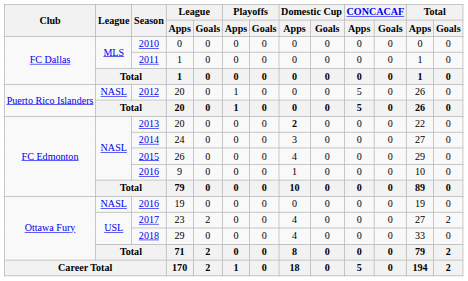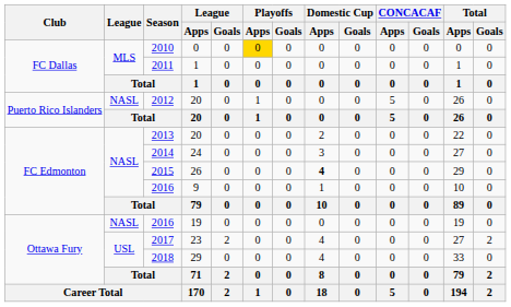 <table class="wikitable" style="text-align: center;">
 <tr>
 <th rowspan="2">Club</th>
 <th rowspan="2">League</th>
 <th rowspan="2">Season</th>
 <th colspan="2">League</th>
 <th colspan="2">Playoffs</th>
 <th colspan="2">Domestic Cup</th>
 <th colspan="2"><a href='#'>CONCACAF</a></th>
 <th colspan="2">Total</th>
 </tr>
 <tr>
 <th>Apps</th>
 <th>Goals</th>
 <th>Apps</th>
 <th>Goals</th>
 <th>Apps</th>
 <th>Goals</th>
 <th>Apps</th>
 <th>Goals</th>
 <th>Apps</th>
 <th>Goals</th>
 </tr>
 <tr>
 <td rowspan="3"><a href='#'>FC Dallas</a></td>
 <td rowspan="2"><a href='#'>MLS</a></td>
 <td><a href='#'>2010</a></td>
 <td>0</td>
 <td>0</td>
-<td>0</td>
+<td style="background: gold;">0</td>
 <td>0</td>
 <td>0</td>
 <td>0</td>
 <td>0</td>
 <td>0</td>
 <td>0</td>
 <td>0</td>
 </tr>
 <tr>
 <td><a href='#'>2011</a></td>
 <td>1</td>
 <td>0</td>
 <td>0</td>
 <td>0</td>
 <td>0</td>
 <td>0</td>
 <td>0</td>
 <td>0</td>
 <td>1</td>
 <td>0</td>
 </tr>
 <tr>
 <th colspan="2">Total</th>
 <th>1</th>
 <th>0</th>
 <th>0</th>
 <th>0</th>
 <th>0</th>
 <th>0</th>
 <th>0</th>
 <th>0</th>
 <th>1</th>
 <th>0</th>
 </tr>
 <tr>
 <td rowspan="2"><a href='#'>Puerto Rico Islanders</a></td>
 <td><a href='#'>NASL</a></td>
 <td><a href='#'>2012</a></td>
 <td>20</td>
 <td>0</td>
 <td>1</td>
 <td>0</td>
 <td>0</td>
 <td>0</td>
 <td>5</td>
 <td>0</td>
 <td>26</td>
 <td>0</td>
 </tr>
 <tr>
 <th colspan="2">Total</th>
 <th>20</th>
 <th>0</th>
 <th>1</th>
 <th>0</th>
 <th>0</th>
 <th>0</th>
 <th>5</th>
 <th>0</th>
 <th>26</th>
 <th>0</th>
 </tr>
 <tr>
 <td rowspan="5"><a href='#'>FC Edmonton</a></td>
 <td rowspan="4"><a href='#'>NASL</a></td>
 <td><a href='#'>2013</a></td>
 <td>20</td>
 <td>0</td>
 <td>0</td>
 <td>0</td>
-<td><strong>2</strong></td>
+<td>2</td>
 <td>0</td>
 <td>0</td>
 <td>0</td>
 <td>22</td>
 <td>0</td>
 </tr>
 <tr>
 <td><a href='#'>2014</a></td>
 <td>24</td>
 <td>0</td>
 <td>0</td>
 <td>0</td>
 <td>3</td>
 <td>0</td>
 <td>0</td>
 <td>0</td>
 <td>27</td>
 <td>0</td>
 </tr>
 <tr>
 <td><a href='#'>2015</a></td>
 <td>26</td>
 <td>0</td>
 <td>0</td>
 <td>0</td>
-<td>4</td>
+<td><strong>4</strong></td>
 <td>0</td>
 <td>0</td>
 <td>0</td>
 <td>29</td>
 <td>0</td>
 </tr>
 <tr>
 <td><a href='#'>2016</a></td>
 <td>9</td>
 <td>0</td>
 <td>0</td>
 <td>0</td>
 <td>1</td>
 <td>0</td>
 <td>0</td>
 <td>0</td>
 <td>10</td>
 <td>0</td>
 </tr>
 <tr>
 <th colspan="2">Total</th>
 <th>79</th>
 <th>0</th>
 <th>0</th>
 <th>0</th>
 <th>10</th>
 <th>0</th>
 <th>0</th>
 <th>0</th>
 <th>89</th>
 <th>0</th>
 </tr>
 <tr>
 <td rowspan="4"><a href='#'>Ottawa Fury</a></td>
 <td><a href='#'>NASL</a></td>
 <td><a href='#'>2016</a></td>
 <td>19</td>
 <td>0</td>
 <td>0</td>
 <td>0</td>
 <td>0</td>
 <td>0</td>
 <td>0</td>
 <td>0</td>
 <td>19</td>
 <td>0</td>
 </tr>
 <tr>
 <td rowspan="2"><a href='#'>USL</a></td>
 <td><a href='#'>2017</a></td>
 <td>23</td>
 <td>2</td>
 <td>0</td>
 <td>0</td>
 <td>4</td>
 <td>0</td>
 <td>0</td>
 <td>0</td>
 <td>27</td>
 <td>2</td>
 </tr>
 <tr>
 <td><a href='#'>2018</a></td>
 <td>29</td>
 <td>0</td>
 <td>0</td>
 <td>0</td>
 <td>4</td>
 <td>0</td>
 <td>0</td>
 <td>0</td>
 <td>33</td>
 <td>0</td>
 </tr>
 <tr>
 <th colspan="2">Total</th>
 <th>71</th>
 <th>2</th>
 <th>0</th>
 <th>0</th>
 <th>8</th>
 <th>0</th>
 <th>0</th>
 <th>0</th>
 <th>79</th>
 <th>2</th>
 </tr>
 <tr>
 <th colspan="3">Career Total</th>
 <th>170</th>
 <th>2</th>
 <th>1</th>
 <th>0</th>
 <th>18</th>
 <th>0</th>
 <th>5</th>
 <th>0</th>
 <th>194</th>
 <th>2</th>
 </tr>
 </table>
